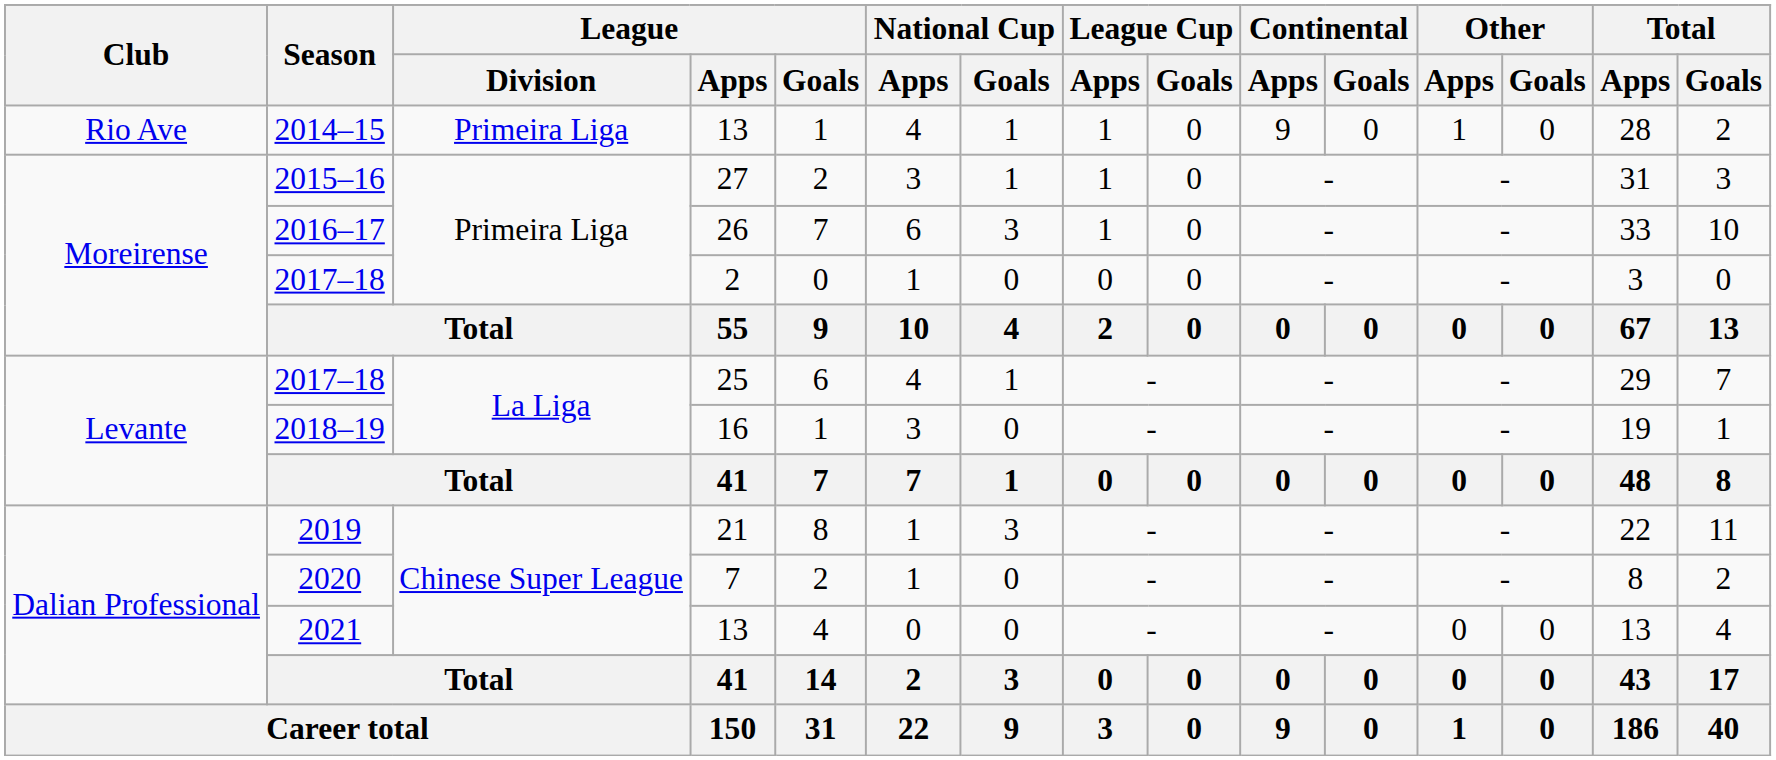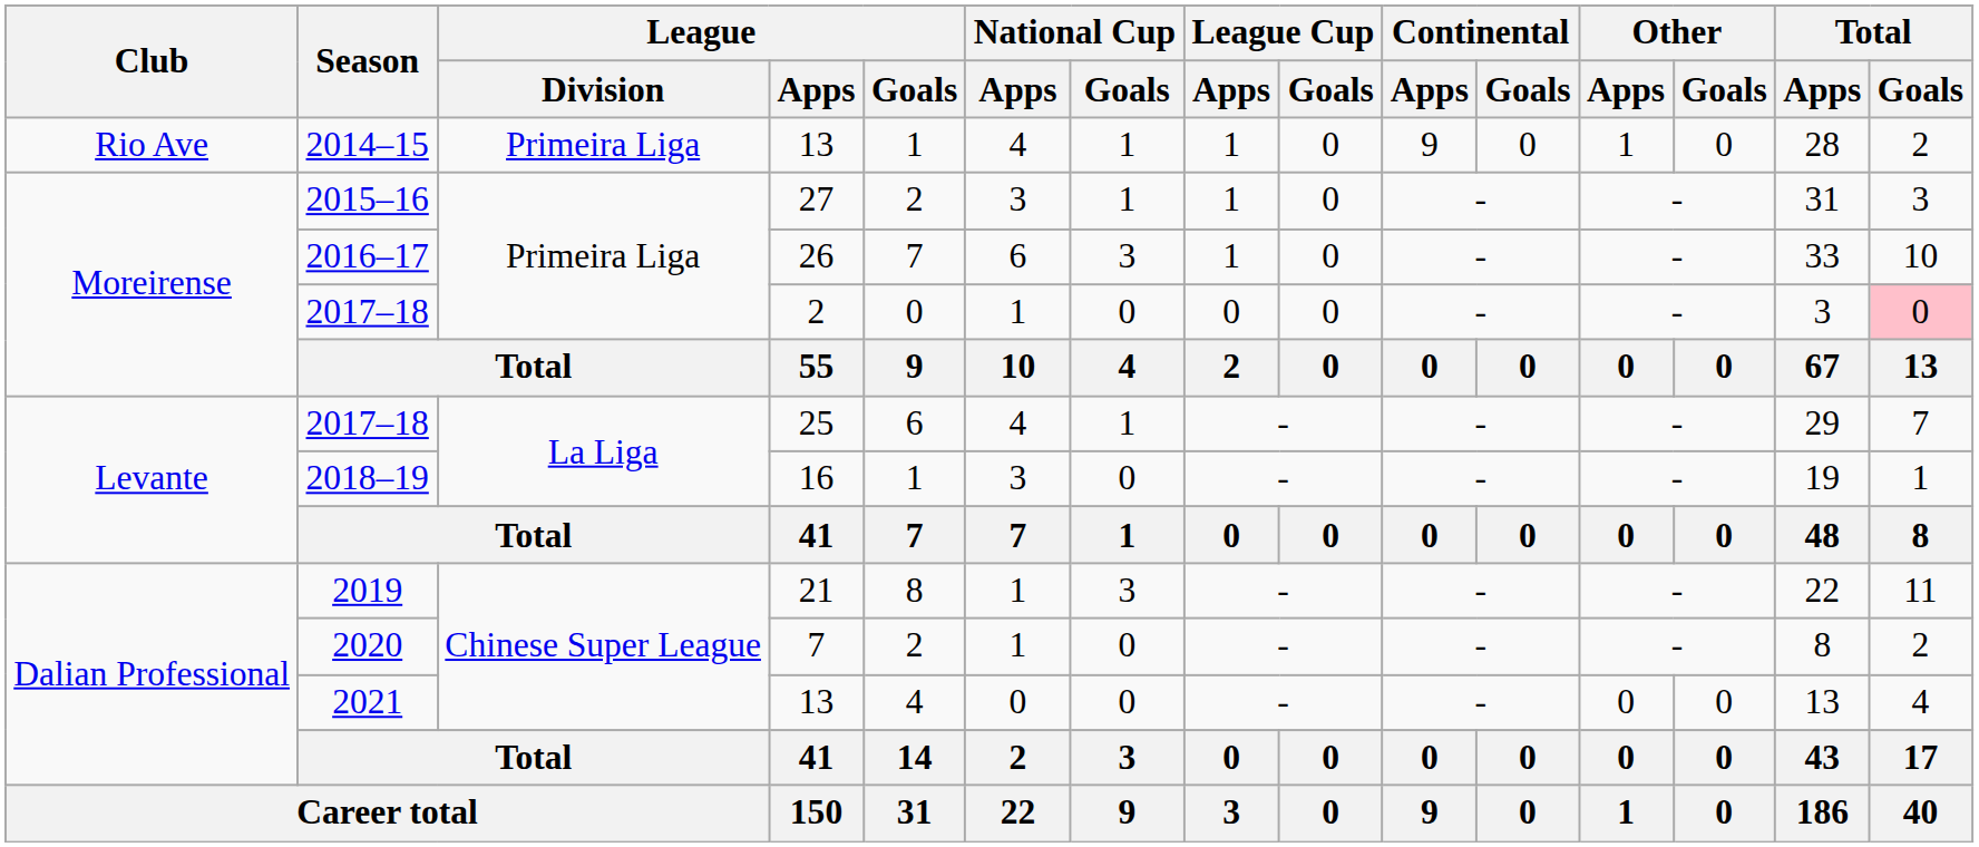 <table class="wikitable" style="text-align: center">
 <tr>
 <th rowspan="2">Club</th>
 <th rowspan="2">Season</th>
 <th colspan="3">League</th>
 <th colspan="2">National Cup</th>
 <th colspan="2">League Cup</th>
 <th colspan="2">Continental</th>
 <th colspan="2">Other</th>
 <th colspan="2">Total</th>
 </tr>
 <tr>
 <th>Division</th>
 <th>Apps</th>
 <th>Goals</th>
 <th>Apps</th>
 <th>Goals</th>
 <th>Apps</th>
 <th>Goals</th>
 <th>Apps</th>
 <th>Goals</th>
 <th>Apps</th>
 <th>Goals</th>
 <th>Apps</th>
 <th>Goals</th>
 </tr>
 <tr>
 <td><a href='#'>Rio Ave</a></td>
 <td><a href='#'>2014–15</a></td>
 <td><a href='#'>Primeira Liga</a></td>
 <td>13</td>
 <td>1</td>
 <td>4</td>
 <td>1</td>
 <td>1</td>
 <td>0</td>
 <td>9</td>
 <td>0</td>
 <td>1</td>
 <td>0</td>
 <td>28</td>
 <td>2</td>
 </tr>
 <tr>
 <td rowspan="4"><a href='#'>Moreirense</a></td>
 <td><a href='#'>2015–16</a></td>
 <td rowspan="3">Primeira Liga</td>
 <td>27</td>
 <td>2</td>
 <td>3</td>
 <td>1</td>
 <td>1</td>
 <td>0</td>
 <td colspan="2">-</td>
 <td colspan="2">-</td>
 <td>31</td>
 <td>3</td>
 </tr>
 <tr>
 <td><a href='#'>2016–17</a></td>
 <td>26</td>
 <td>7</td>
 <td>6</td>
 <td>3</td>
 <td>1</td>
 <td>0</td>
 <td colspan="2">-</td>
 <td colspan="2">-</td>
 <td>33</td>
 <td>10</td>
 </tr>
 <tr>
 <td><a href='#'>2017–18</a></td>
 <td>2</td>
 <td>0</td>
 <td>1</td>
 <td>0</td>
 <td>0</td>
 <td>0</td>
 <td colspan="2">-</td>
 <td colspan="2">-</td>
 <td>3</td>
-<td>0</td>
+<td style="background: pink;">0</td>
 </tr>
 <tr>
 <th colspan="2">Total</th>
 <th>55</th>
 <th>9</th>
 <th>10</th>
 <th>4</th>
 <th>2</th>
 <th>0</th>
 <th>0</th>
 <th>0</th>
 <th>0</th>
 <th>0</th>
 <th>67</th>
 <th>13</th>
 </tr>
 <tr>
 <td rowspan="3"><a href='#'>Levante</a></td>
 <td><a href='#'>2017–18</a></td>
 <td rowspan="2"><a href='#'>La Liga</a></td>
 <td>25</td>
 <td>6</td>
 <td>4</td>
 <td>1</td>
 <td colspan="2">-</td>
 <td colspan="2">-</td>
 <td colspan="2">-</td>
 <td>29</td>
 <td>7</td>
 </tr>
 <tr>
 <td><a href='#'>2018–19</a></td>
 <td>16</td>
 <td>1</td>
 <td>3</td>
 <td>0</td>
 <td colspan="2">-</td>
 <td colspan="2">-</td>
 <td colspan="2">-</td>
 <td>19</td>
 <td>1</td>
 </tr>
 <tr>
 <th colspan="2">Total</th>
 <th>41</th>
 <th>7</th>
 <th>7</th>
 <th>1</th>
 <th>0</th>
 <th>0</th>
 <th>0</th>
 <th>0</th>
 <th>0</th>
 <th>0</th>
 <th>48</th>
 <th>8</th>
 </tr>
 <tr>
 <td rowspan=4><a href='#'>Dalian Professional</a></td>
 <td><a href='#'>2019</a></td>
 <td rowspan=3><a href='#'>Chinese Super League</a></td>
 <td>21</td>
 <td>8</td>
 <td>1</td>
 <td>3</td>
 <td colspan="2">-</td>
 <td colspan="2">-</td>
 <td colspan="2">-</td>
 <td>22</td>
 <td>11</td>
 </tr>
 <tr>
 <td><a href='#'>2020</a></td>
 <td>7</td>
 <td>2</td>
 <td>1</td>
 <td>0</td>
 <td colspan="2">-</td>
 <td colspan="2">-</td>
 <td colspan="2">-</td>
 <td>8</td>
 <td>2</td>
 </tr>
 <tr>
 <td><a href='#'>2021</a></td>
 <td>13</td>
 <td>4</td>
 <td>0</td>
 <td>0</td>
 <td colspan="2">-</td>
 <td colspan="2">-</td>
 <td>0</td>
 <td>0</td>
 <td>13</td>
 <td>4</td>
 </tr>
 <tr>
 <th colspan="2">Total</th>
 <th>41</th>
 <th>14</th>
 <th>2</th>
 <th>3</th>
 <th>0</th>
 <th>0</th>
 <th>0</th>
 <th>0</th>
 <th>0</th>
 <th>0</th>
 <th>43</th>
 <th>17</th>
 </tr>
 <tr>
 <th colspan="3">Career total</th>
 <th>150</th>
 <th>31</th>
 <th>22</th>
 <th>9</th>
 <th>3</th>
 <th>0</th>
 <th>9</th>
 <th>0</th>
 <th>1</th>
 <th>0</th>
 <th>186</th>
 <th>40</th>
 </tr>
 </table>
